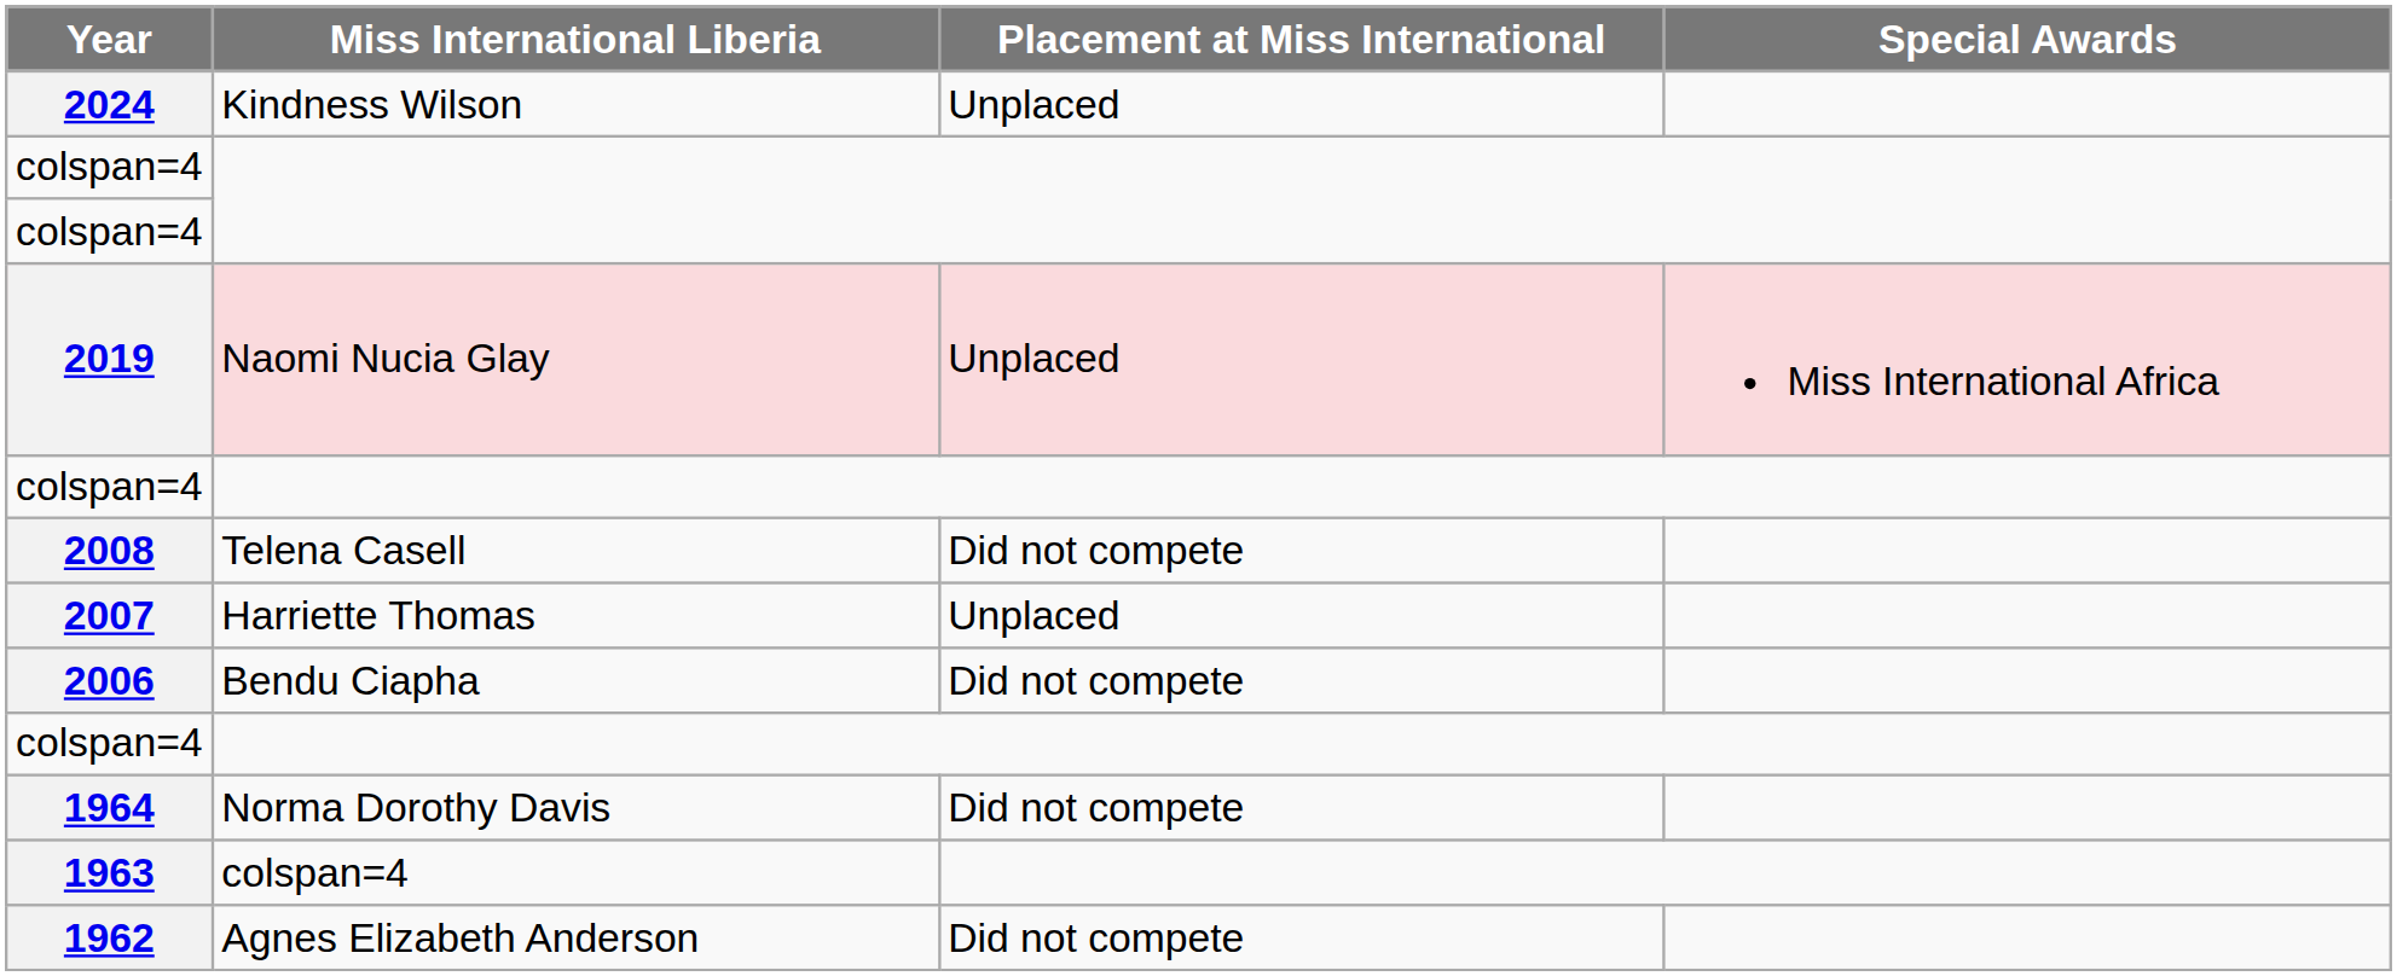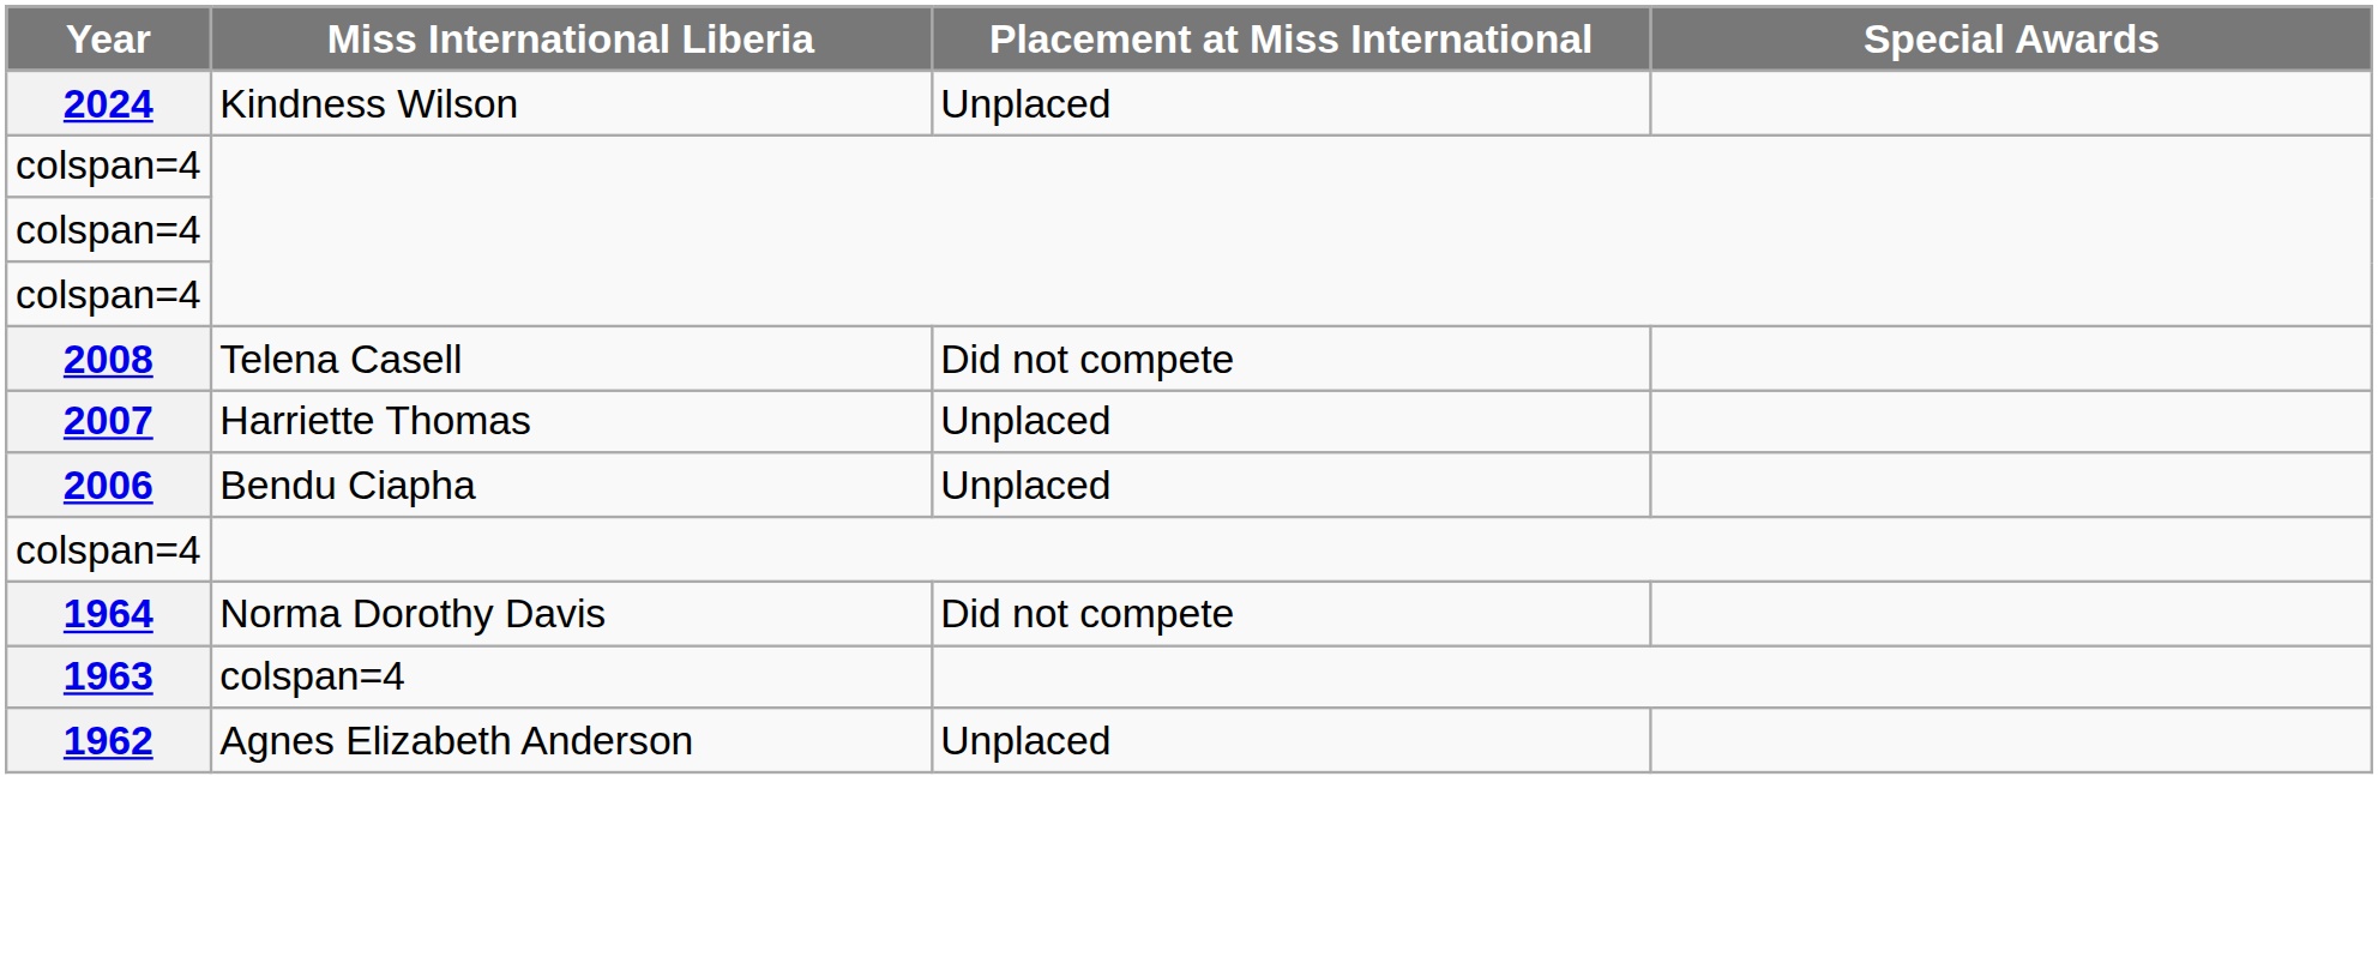 <table class="wikitable " style="font-size: 90%;">
 <tr>
 <th width="60" style="background-color:#787878;color:#FFFFFF;">Year</th>
 <th width="250" style="background-color:#787878;color:#FFFFFF;">Miss International Liberia</th>
 <th width="250" style="background-color:#787878;color:#FFFFFF;">Placement at Miss International</th>
 <th width="250" style="background-color:#787878;color:#FFFFFF;">Special Awards</th>
 </tr>
 <tr>
 <th><a href='#'>2024</a></th>
 <td>Kindness Wilson</td>
 <td>Unplaced</td>
 <td></td>
 </tr>
 <tr>
 <td>colspan=4 </td>
 </tr>
 <tr>
 <td>colspan=4 </td>
 </tr>
-<tr style="background-color:#FADADD; ">
-<th><a href='#'>2019</a></th>
-<td>Naomi Nucia Glay</td>
-<td>Unplaced</td>
-<td><br><ul><li>Miss International Africa</li></ul></td>
-</tr>
 <tr>
 <td>colspan=4 </td>
 </tr>
 <tr>
 <th><a href='#'>2008</a></th>
 <td>Telena Casell</td>
 <td>Did not compete</td>
 <td></td>
 </tr>
 <tr>
 <th><a href='#'>2007</a></th>
 <td>Harriette Thomas</td>
 <td>Unplaced</td>
 <td></td>
 </tr>
 <tr>
 <th><a href='#'>2006</a></th>
 <td>Bendu Ciapha</td>
-<td>Did not compete</td>
+<td>Unplaced</td>
 <td></td>
 </tr>
 <tr>
 <td>colspan=4 </td>
 </tr>
 <tr>
 <th><a href='#'>1964</a></th>
 <td>Norma Dorothy Davis</td>
 <td>Did not compete</td>
 <td></td>
 </tr>
 <tr>
 <th><a href='#'>1963</a></th>
 <td>colspan=4 </td>
 </tr>
 <tr>
 <th><a href='#'>1962</a></th>
 <td>Agnes Elizabeth Anderson</td>
-<td>Did not compete</td>
+<td>Unplaced</td>
 <td></td>
 </tr>
 </table>
